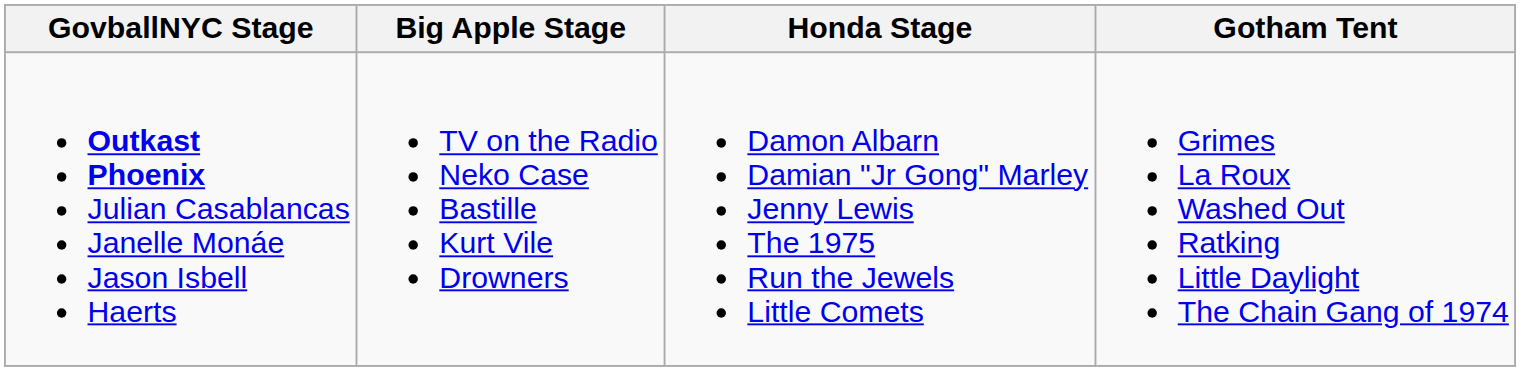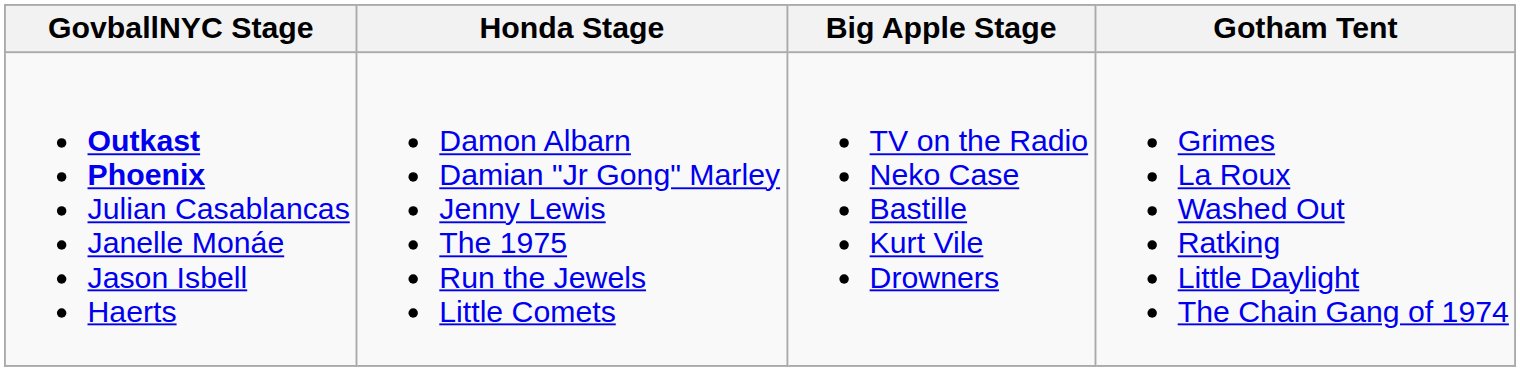 <table class="wikitable">
 <tr>
 <th>GovballNYC Stage</th>
+<th>Honda Stage</th>
 <th>Big Apple Stage</th>
-<th>Honda Stage</th>
 <th>Gotham Tent</th>
 </tr>
 <tr valign="top">
 <td><br><ul><li><strong><a href='#'>Outkast</a></strong></li><li><strong><a href='#'>Phoenix</a></strong></li><li><a href='#'>Julian Casablancas</a></li><li><a href='#'>Janelle Monáe</a></li><li><a href='#'>Jason Isbell</a></li><li><a href='#'>Haerts</a></li></ul></td>
+<td><br><ul><li><a href='#'>Damon Albarn</a></li><li><a href='#'>Damian "Jr Gong" Marley</a></li><li><a href='#'>Jenny Lewis</a></li><li><a href='#'>The 1975</a></li><li><a href='#'>Run the Jewels</a></li><li><a href='#'>Little Comets</a></li></ul></td>
 <td><br><ul><li><a href='#'>TV on the Radio</a></li><li><a href='#'>Neko Case</a></li><li><a href='#'>Bastille</a></li><li><a href='#'>Kurt Vile</a></li><li><a href='#'>Drowners</a></li></ul></td>
-<td><br><ul><li><a href='#'>Damon Albarn</a></li><li><a href='#'>Damian "Jr Gong" Marley</a></li><li><a href='#'>Jenny Lewis</a></li><li><a href='#'>The 1975</a></li><li><a href='#'>Run the Jewels</a></li><li><a href='#'>Little Comets</a></li></ul></td>
 <td><br><ul><li><a href='#'>Grimes</a></li><li><a href='#'>La Roux</a></li><li><a href='#'>Washed Out</a></li><li><a href='#'>Ratking</a></li><li><a href='#'>Little Daylight</a></li><li><a href='#'>The Chain Gang of 1974</a></li></ul></td>
 </tr>
 </table>
